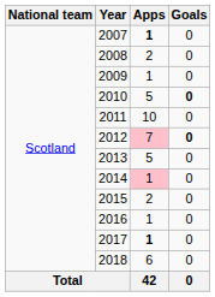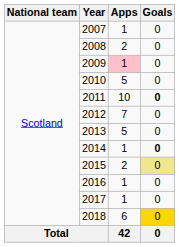 <table class="wikitable" style="text-align:center">
 <tr>
 <th>National team</th>
 <th>Year</th>
 <th>Apps</th>
 <th>Goals</th>
 </tr>
 <tr>
 <td rowspan="12"><a href='#'>Scotland</a></td>
 <td>2007</td>
-<td><strong>1</strong></td>
+<td>1</td>
 <td>0</td>
 </tr>
 <tr>
 <td>2008</td>
 <td>2</td>
 <td>0</td>
 </tr>
 <tr>
 <td>2009</td>
-<td>1</td>
+<td style="background: pink;">1</td>
 <td>0</td>
 </tr>
 <tr>
 <td>2010</td>
 <td>5</td>
-<td><strong>0</strong></td>
+<td>0</td>
 </tr>
 <tr>
 <td>2011</td>
 <td>10</td>
-<td>0</td>
+<td><strong>0</strong></td>
 </tr>
 <tr>
 <td>2012</td>
-<td style="background: pink;">7</td>
-<td><strong>0</strong></td>
+<td>7</td>
+<td>0</td>
 </tr>
 <tr>
 <td>2013</td>
 <td>5</td>
 <td>0</td>
 </tr>
 <tr>
 <td>2014</td>
-<td style="background: pink;">1</td>
-<td>0</td>
+<td>1</td>
+<td><strong>0</strong></td>
 </tr>
 <tr>
 <td>2015</td>
 <td>2</td>
-<td>0</td>
+<td style="background: khaki;">0</td>
 </tr>
 <tr>
 <td>2016</td>
 <td>1</td>
 <td>0</td>
 </tr>
 <tr>
 <td>2017</td>
-<td><strong>1</strong></td>
+<td>1</td>
 <td>0</td>
 </tr>
 <tr>
 <td>2018</td>
 <td>6</td>
-<td>0</td>
+<td style="background: gold;">0</td>
 </tr>
 <tr>
 <th colspan="2">Total</th>
 <th>42</th>
 <th>0</th>
 </tr>
 </table>
